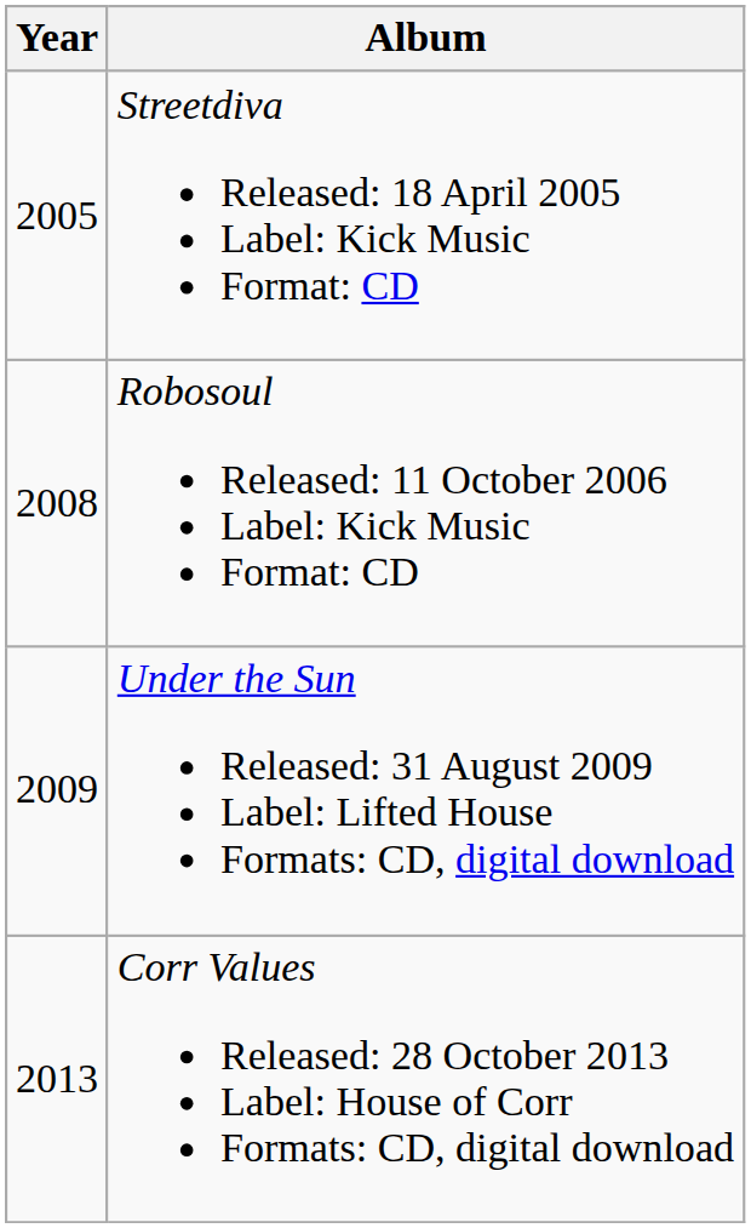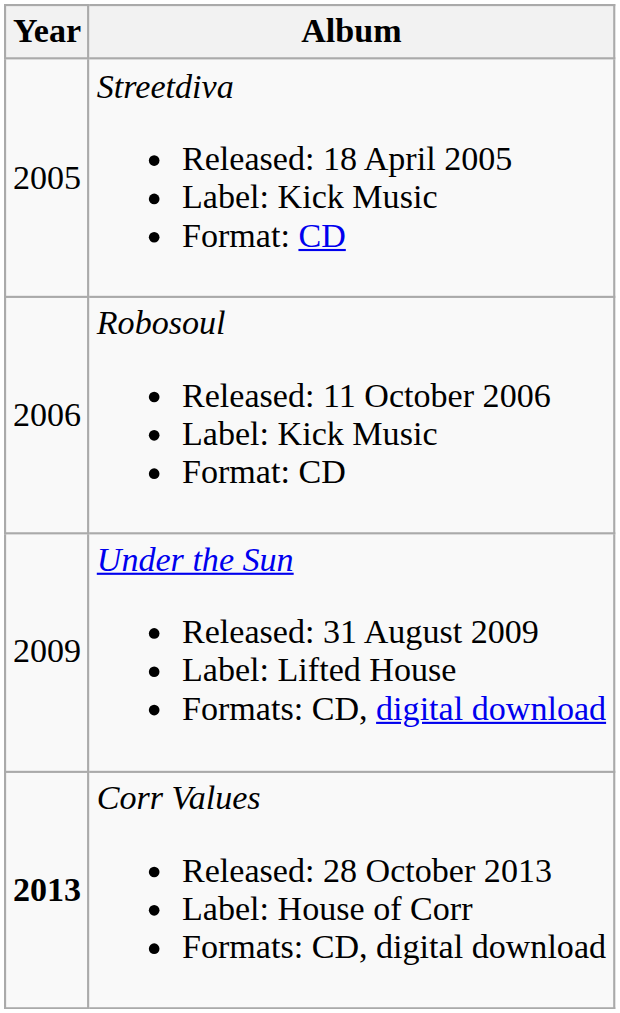 <table class="wikitable">
 <tr>
 <th scope="col">Year</th>
 <th scope="col">Album</th>
 </tr>
 <tr>
 <td>2005</td>
 <td align=left><em>Streetdiva</em><br><ul><li>Released: 18 April 2005</li><li>Label: Kick Music</li><li>Format: <a href='#'>CD</a></li></ul></td>
 </tr>
 <tr>
-<td>2008</td>
+<td>2006</td>
 <td align=left><em>Robosoul</em><br><ul><li>Released: 11 October 2006</li><li>Label: Kick Music</li><li>Format: CD</li></ul></td>
 </tr>
 <tr>
 <td>2009</td>
 <td align=left><em><a href='#'>Under the Sun</a></em><br><ul><li>Released: 31 August 2009</li><li>Label: Lifted House</li><li>Formats: CD, <a href='#'>digital download</a></li></ul></td>
 </tr>
 <tr>
-<td>2013</td>
+<td><strong>2013</strong></td>
 <td align=left><em>Corr Values</em><br><ul><li>Released: 28 October 2013</li><li>Label: House of Corr</li><li>Formats: CD, digital download</li></ul></td>
 </tr>
 </table>
